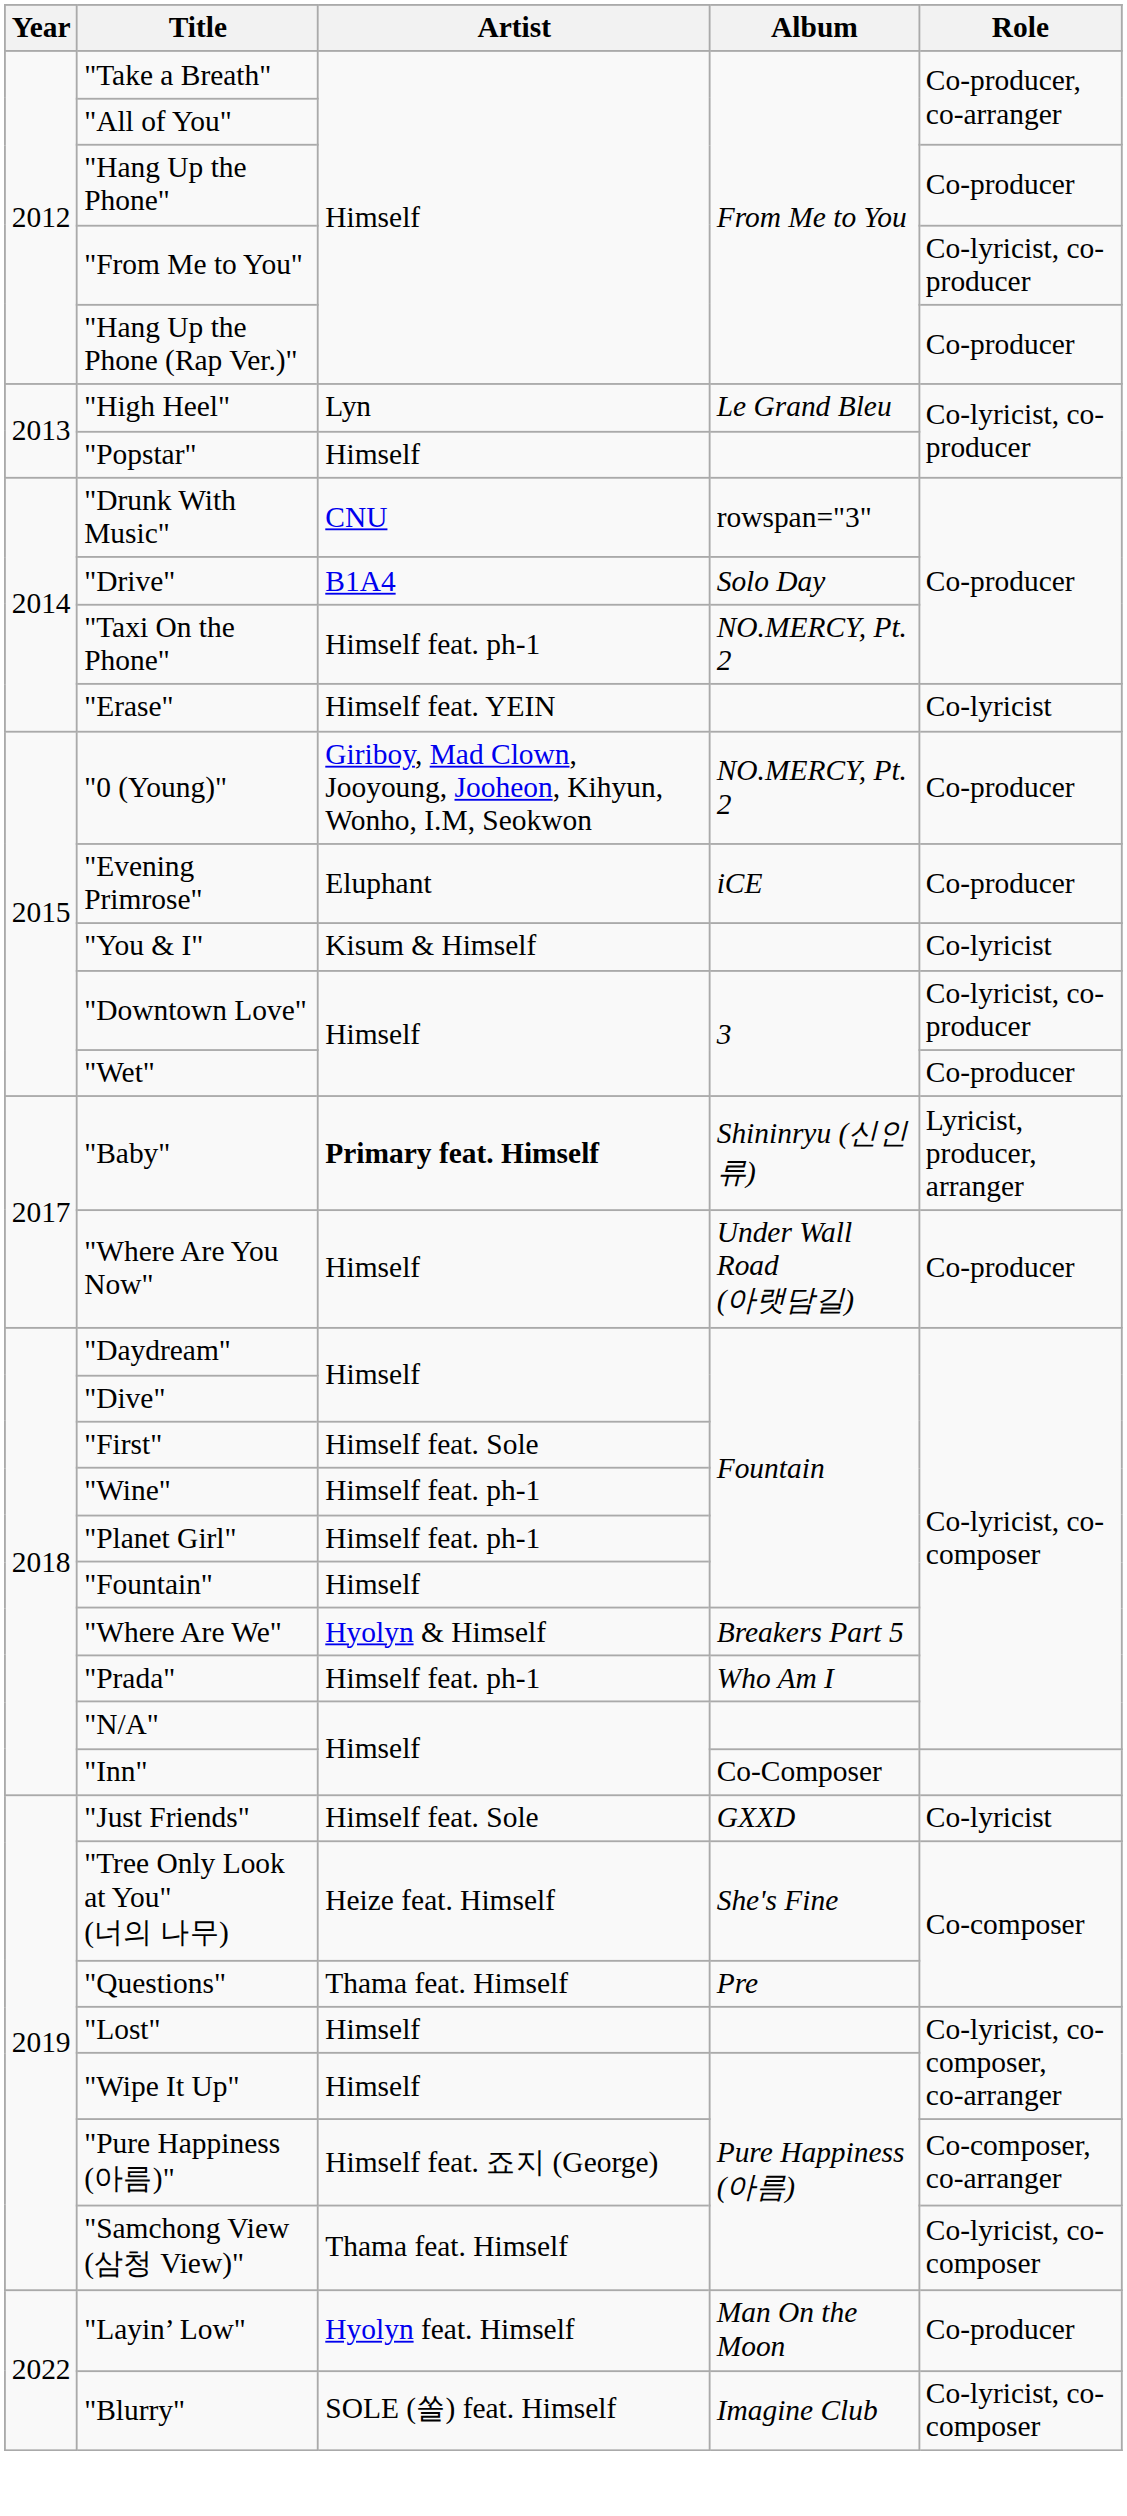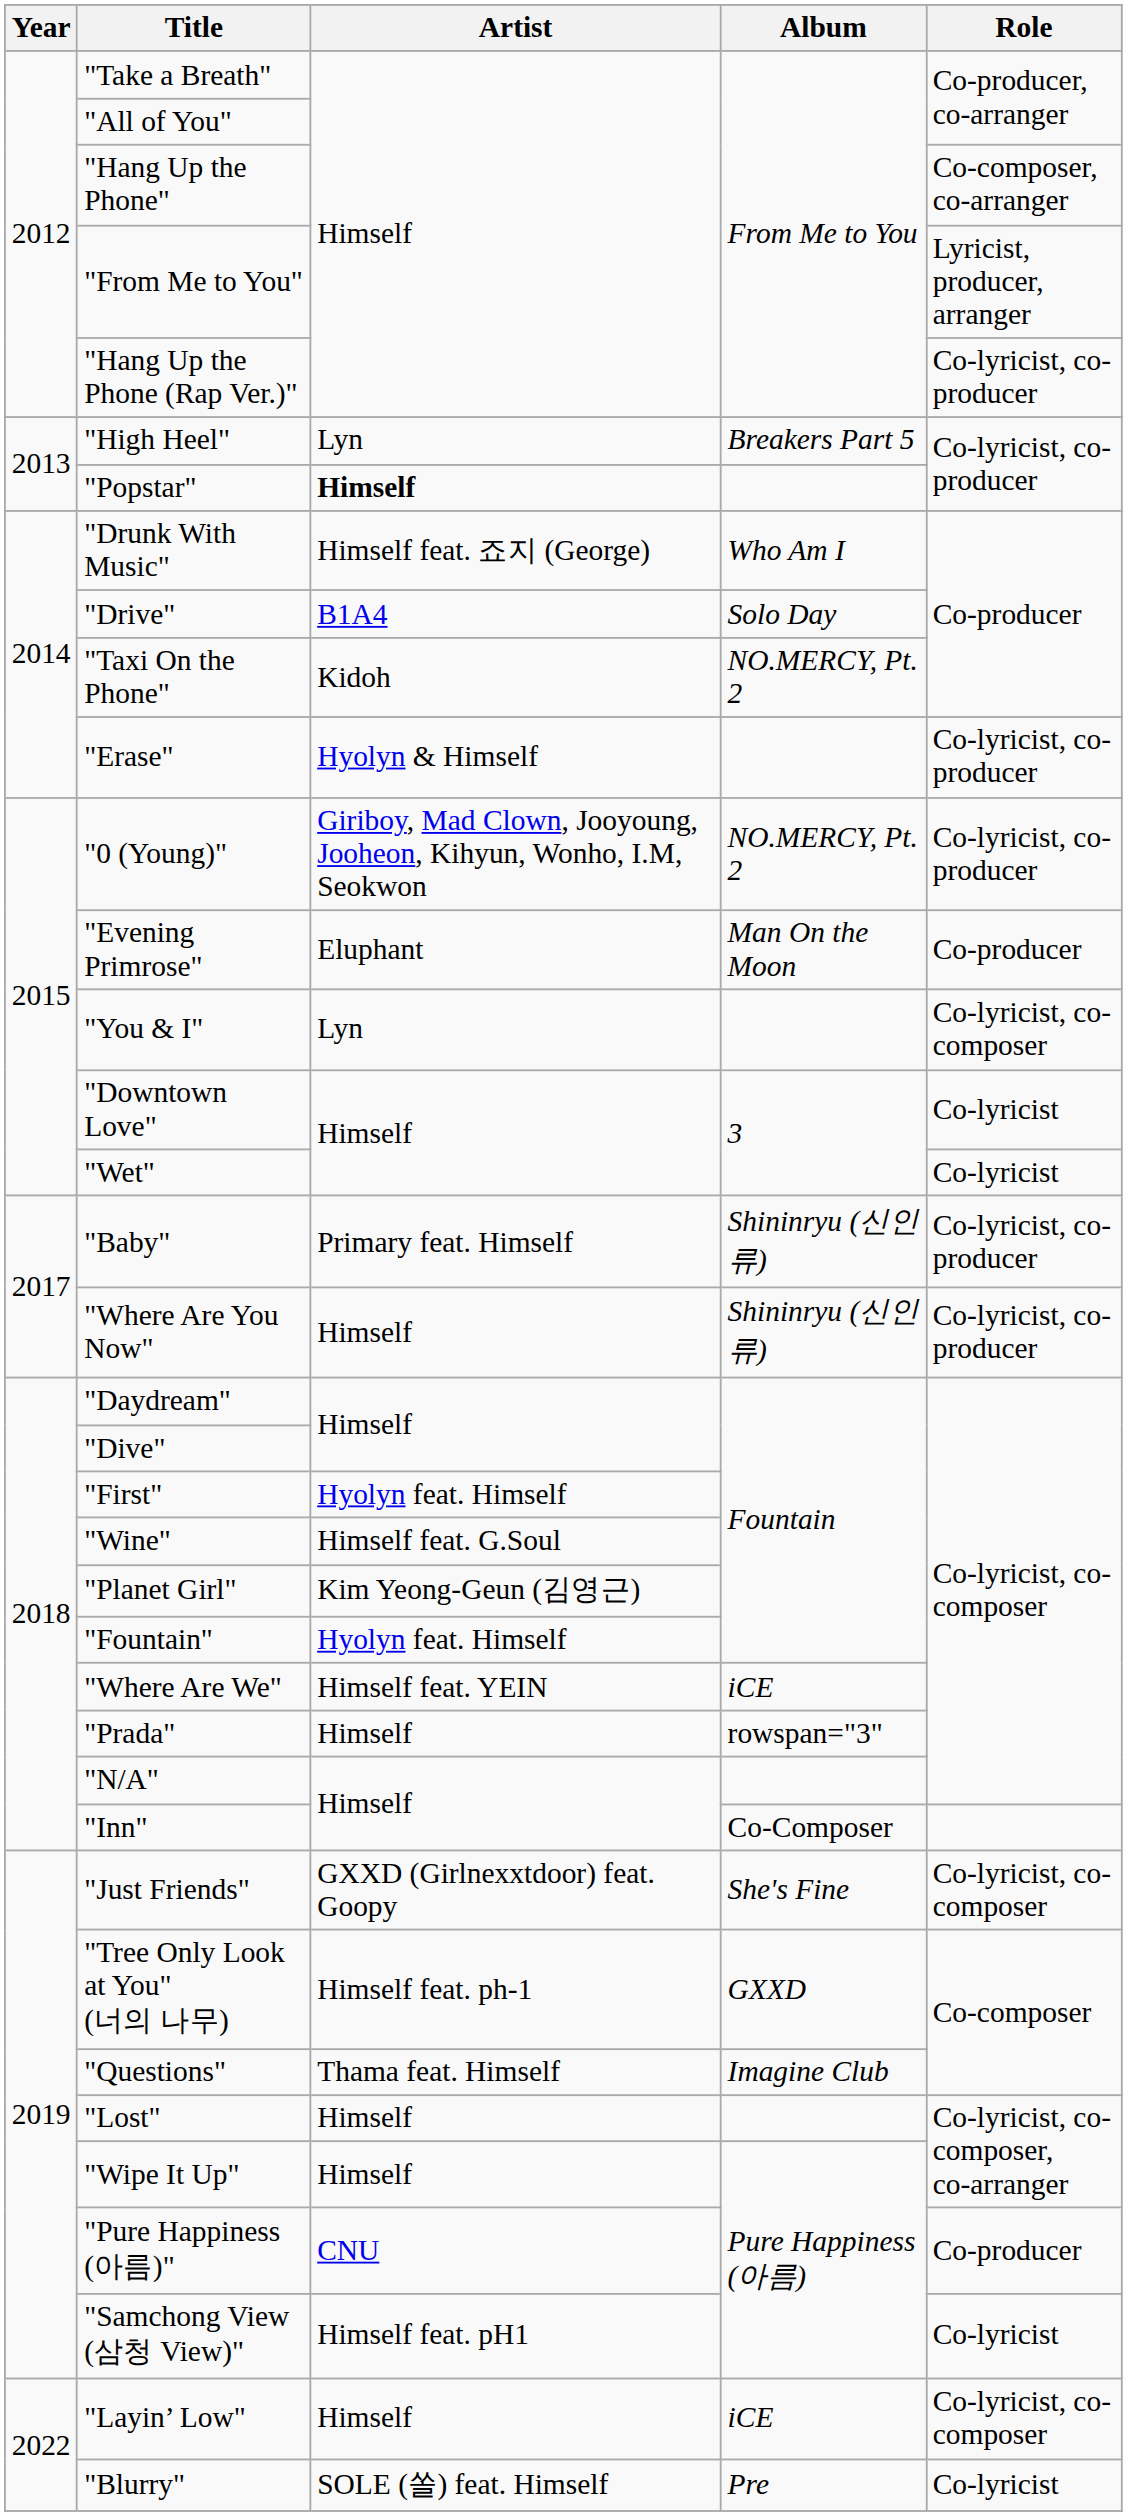 <table class="wikitable">
 <tr>
 <th>Year</th>
 <th>Title</th>
 <th>Artist</th>
 <th>Album</th>
 <th>Role</th>
 </tr>
 <tr>
 <td rowspan="5">2012</td>
 <td>"Take a Breath"</td>
 <td rowspan="5">Himself</td>
 <td rowspan="5"><em>From Me to You</em></td>
 <td rowspan="2">Co-producer, co-arranger</td>
 </tr>
 <tr>
 <td>"All of You"</td>
 </tr>
 <tr>
 <td>"Hang Up the Phone"</td>
-<td>Co-producer</td>
+<td>Co-composer, co-arranger</td>
 </tr>
 <tr>
 <td>"From Me to You"</td>
-<td>Co-lyricist, co-producer</td>
+<td>Lyricist, producer, arranger</td>
 </tr>
 <tr>
 <td>"Hang Up the Phone (Rap Ver.)"</td>
-<td>Co-producer</td>
+<td>Co-lyricist, co-producer</td>
 </tr>
 <tr>
 <td rowspan="2">2013</td>
 <td>"High Heel"</td>
 <td>Lyn</td>
-<td><em>Le Grand Bleu</em></td>
+<td><em>Breakers Part 5</em></td>
 <td rowspan="2">Co-lyricist, co-producer</td>
 </tr>
 <tr>
 <td>"Popstar"</td>
-<td>Himself</td>
+<td><strong>Himself</strong></td>
 <td></td>
 </tr>
 <tr>
 <td rowspan="4">2014</td>
 <td>"Drunk With Music"</td>
-<td><a href='#'>CNU</a></td>
-<td>rowspan="3" </td>
+<td>Himself feat. 죠지 (George)</td>
+<td><em>Who Am I</em></td>
 <td rowspan="3">Co-producer</td>
 </tr>
 <tr>
 <td>"Drive"</td>
 <td><a href='#'>B1A4</a></td>
 <td><em>Solo Day</em></td>
 </tr>
 <tr>
 <td>"Taxi On the Phone"</td>
-<td>Himself feat. ph-1</td>
+<td>Kidoh</td>
 <td><em>NO.MERCY, Pt. 2</em></td>
 </tr>
 <tr>
 <td>"Erase"</td>
-<td>Himself feat. YEIN</td>
+<td><a href='#'>Hyolyn</a> & Himself</td>
 <td></td>
-<td>Co-lyricist</td>
+<td>Co-lyricist, co-producer</td>
 </tr>
 <tr>
 <td rowspan="5">2015</td>
 <td>"0 (Young)"</td>
 <td><a href='#'>Giriboy</a>, <a href='#'>Mad Clown</a>, Jooyoung, <a href='#'>Jooheon</a>, Kihyun, Wonho, I.M, Seokwon</td>
 <td><em>NO.MERCY, Pt. 2</em></td>
-<td>Co-producer</td>
+<td>Co-lyricist, co-producer</td>
 </tr>
 <tr>
 <td>"Evening Primrose"</td>
 <td>Eluphant</td>
-<td><em>iCE</em></td>
+<td><em>Man On the Moon</em></td>
 <td>Co-producer</td>
 </tr>
 <tr>
 <td>"You & I"</td>
-<td>Kisum & Himself</td>
+<td>Lyn</td>
 <td></td>
-<td>Co-lyricist</td>
+<td>Co-lyricist, co-composer</td>
 </tr>
 <tr>
 <td>"Downtown Love"</td>
 <td rowspan="2">Himself</td>
 <td rowspan="2"><em>3</em></td>
-<td>Co-lyricist, co-producer</td>
+<td>Co-lyricist</td>
 </tr>
 <tr>
 <td>"Wet"</td>
-<td>Co-producer</td>
+<td>Co-lyricist</td>
 </tr>
 <tr>
 <td rowspan="2">2017</td>
 <td>"Baby"</td>
-<td><strong>Primary feat. Himself</strong></td>
+<td>Primary feat. Himself</td>
 <td><em>Shininryu (신인류)</em></td>
-<td>Lyricist, producer, arranger</td>
+<td>Co-lyricist, co-producer</td>
 </tr>
 <tr>
 <td>"Where Are You Now"</td>
 <td>Himself</td>
-<td><em>Under Wall Road</em><br><em>(아랫담길)</em></td>
-<td>Co-producer</td>
+<td><em>Shininryu (신인류)</em></td>
+<td>Co-lyricist, co-producer</td>
 </tr>
 <tr>
 <td rowspan="10">2018</td>
 <td>"Daydream"</td>
 <td rowspan="2">Himself</td>
 <td rowspan="6"><em>Fountain</em></td>
 <td rowspan="9">Co-lyricist, co-composer</td>
 </tr>
 <tr>
 <td>"Dive"</td>
 </tr>
 <tr>
 <td>"First"</td>
-<td>Himself feat. Sole</td>
+<td><a href='#'>Hyolyn</a> feat. Himself</td>
 </tr>
 <tr>
 <td>"Wine"</td>
-<td>Himself feat. ph-1</td>
+<td>Himself feat. G.Soul</td>
 </tr>
 <tr>
 <td>"Planet Girl"</td>
-<td>Himself feat. ph-1</td>
+<td>Kim Yeong-Geun (김영근)</td>
 </tr>
 <tr>
 <td>"Fountain"</td>
-<td>Himself</td>
+<td><a href='#'>Hyolyn</a> feat. Himself</td>
 </tr>
 <tr>
 <td>"Where Are We"</td>
-<td><a href='#'>Hyolyn</a> & Himself</td>
-<td><em>Breakers Part 5</em></td>
+<td>Himself feat. YEIN</td>
+<td><em>iCE</em></td>
 </tr>
 <tr>
 <td>"Prada"</td>
-<td>Himself feat. ph-1</td>
-<td><em>Who Am I</em></td>
+<td>Himself</td>
+<td>rowspan="3" </td>
 </tr>
 <tr>
 <td>"N/A"</td>
 <td rowspan="2">Himself</td>
 </tr>
 <tr>
 <td>"Inn"</td>
 <td>Co-Composer</td>
 </tr>
 <tr>
 <td rowspan="7">2019</td>
 <td>"Just Friends"</td>
-<td>Himself feat. Sole</td>
-<td><em>GXXD</em></td>
-<td>Co-lyricist</td>
+<td>GXXD (Girlnexxtdoor) feat. Goopy</td>
+<td><em>She's Fine</em></td>
+<td>Co-lyricist, co-composer</td>
 </tr>
 <tr>
 <td>"Tree Only Look at You"<br>(너의 나무)</td>
-<td>Heize feat. Himself</td>
-<td><em>She's Fine</em></td>
+<td>Himself feat. ph-1</td>
+<td><em>GXXD</em></td>
 <td rowspan="2">Co-composer</td>
 </tr>
 <tr>
 <td>"Questions"</td>
 <td>Thama feat. Himself</td>
-<td><em>Pre</em></td>
+<td><em>Imagine Club</em></td>
 </tr>
 <tr>
 <td>"Lost"</td>
 <td>Himself</td>
 <td></td>
 <td rowspan="2">Co-lyricist, co-composer,<br>co-arranger</td>
 </tr>
 <tr>
 <td>"Wipe It Up"</td>
 <td>Himself</td>
 <td rowspan="3"><em>Pure Happiness (아름)</em></td>
 </tr>
 <tr>
 <td>"Pure Happiness (아름)"</td>
-<td>Himself feat. 죠지 (George)</td>
-<td>Co-composer, co-arranger</td>
+<td><a href='#'>CNU</a></td>
+<td>Co-producer</td>
 </tr>
 <tr>
 <td>"Samchong View (삼청 View)"</td>
-<td>Thama feat. Himself</td>
-<td>Co-lyricist, co-composer</td>
+<td>Himself feat. pH1</td>
+<td>Co-lyricist</td>
 </tr>
 <tr>
 <td rowspan="2">2022</td>
 <td>"Layin’ Low"</td>
-<td><a href='#'>Hyolyn</a> feat. Himself</td>
-<td><em>Man On the Moon</em></td>
-<td>Co-producer</td>
+<td>Himself</td>
+<td><em>iCE</em></td>
+<td>Co-lyricist, co-composer</td>
 </tr>
 <tr>
 <td>"Blurry"</td>
 <td>SOLE (쏠) feat. Himself</td>
-<td><em>Imagine Club</em></td>
-<td>Co-lyricist, co-composer</td>
+<td><em>Pre</em></td>
+<td>Co-lyricist</td>
 </tr>
 </table>
